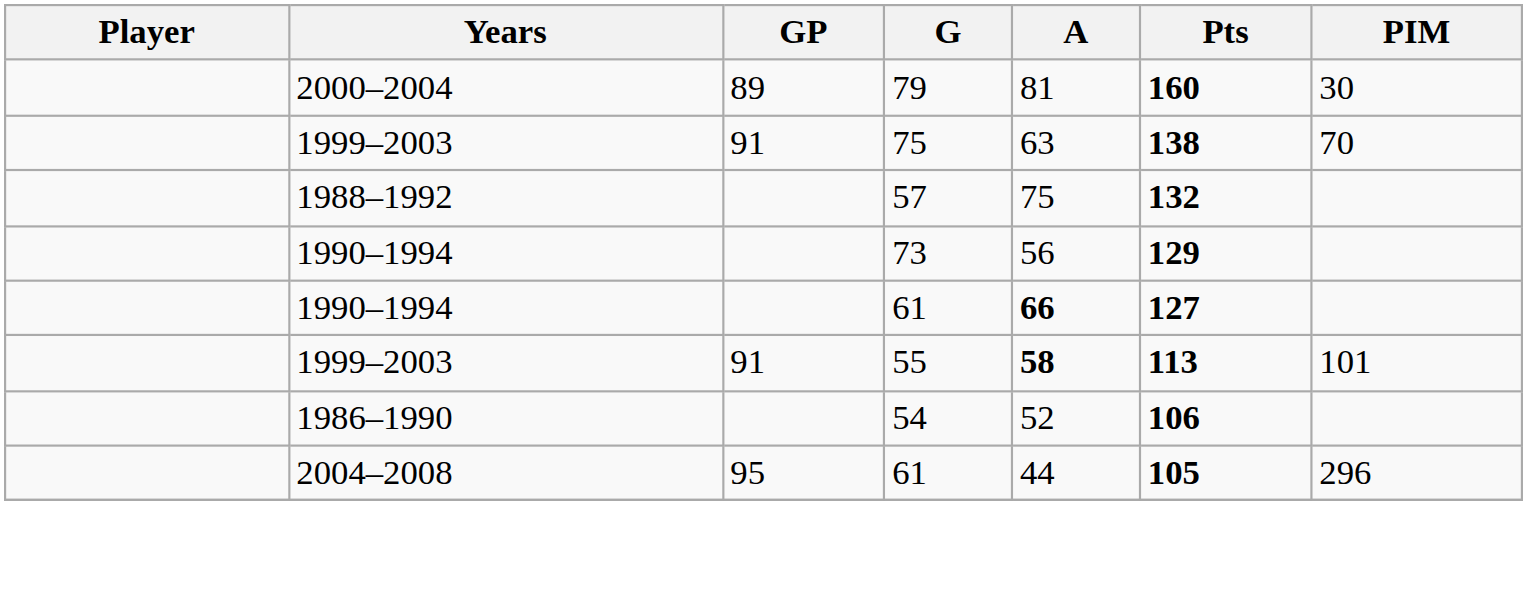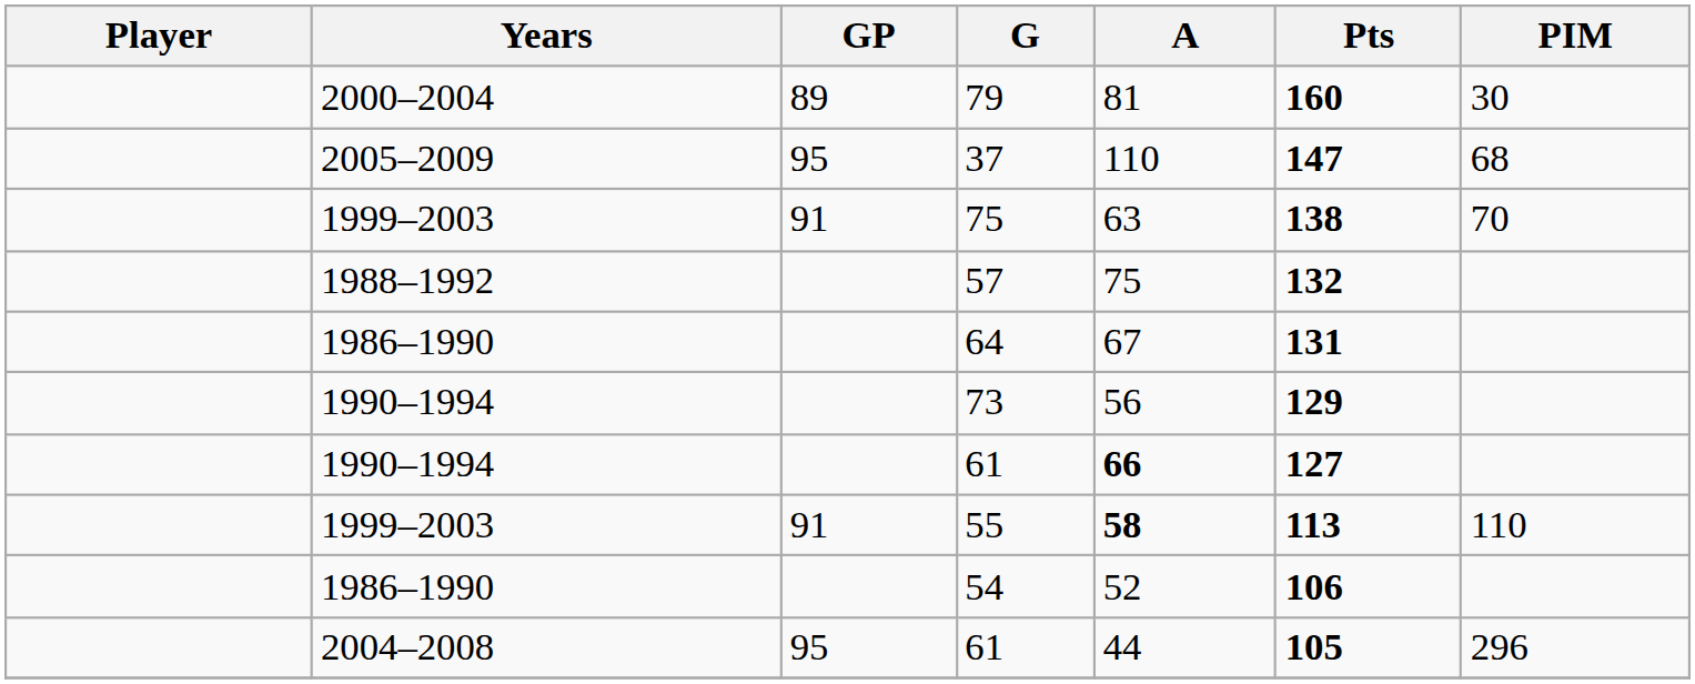 <table class="wikitable sortable" width ="700" cellpadding="1" border="1" cellspacing="0">
 <tr>
 <th>Player</th>
 <th>Years</th>
 <th>GP</th>
 <th>G</th>
 <th>A</th>
 <th>Pts</th>
 <th>PIM</th>
 </tr>
 <tr>
 <td></td>
 <td>2000–2004</td>
 <td>89</td>
 <td>79</td>
 <td>81</td>
 <td><strong>160</strong></td>
 <td>30</td>
 </tr>
 <tr>
 <td></td>
+<td>2005–2009</td>
+<td>95</td>
+<td>37</td>
+<td>110</td>
+<td><strong>147</strong></td>
+<td>68</td>
+</tr>
+<tr>
+<td></td>
 <td>1999–2003</td>
 <td>91</td>
 <td>75</td>
 <td>63</td>
 <td><strong>138</strong></td>
 <td>70</td>
 </tr>
 <tr>
 <td></td>
 <td>1988–1992</td>
 <td></td>
 <td>57</td>
 <td>75</td>
 <td><strong>132</strong></td>
+<td></td>
+</tr>
+<tr>
+<td></td>
+<td>1986–1990</td>
+<td></td>
+<td>64</td>
+<td>67</td>
+<td><strong>131</strong></td>
 <td></td>
 </tr>
 <tr>
 <td></td>
 <td>1990–1994</td>
 <td></td>
 <td>73</td>
 <td>56</td>
 <td><strong>129</strong></td>
 <td></td>
 </tr>
 <tr>
 <td></td>
 <td>1990–1994</td>
 <td></td>
 <td>61</td>
 <td><strong>66</strong></td>
 <td><strong>127</strong></td>
 <td></td>
 </tr>
 <tr>
 <td></td>
 <td>1999–2003</td>
 <td>91</td>
 <td>55</td>
 <td><strong>58</strong></td>
 <td><strong>113</strong></td>
-<td>101</td>
+<td>110</td>
 </tr>
 <tr>
 <td></td>
 <td>1986–1990</td>
 <td></td>
 <td>54</td>
 <td>52</td>
 <td><strong>106</strong></td>
 <td></td>
 </tr>
 <tr>
 <td></td>
 <td>2004–2008</td>
 <td>95</td>
 <td>61</td>
 <td>44</td>
 <td><strong>105</strong></td>
 <td>296</td>
 </tr>
 <tr>
 </tr>
 </table>
